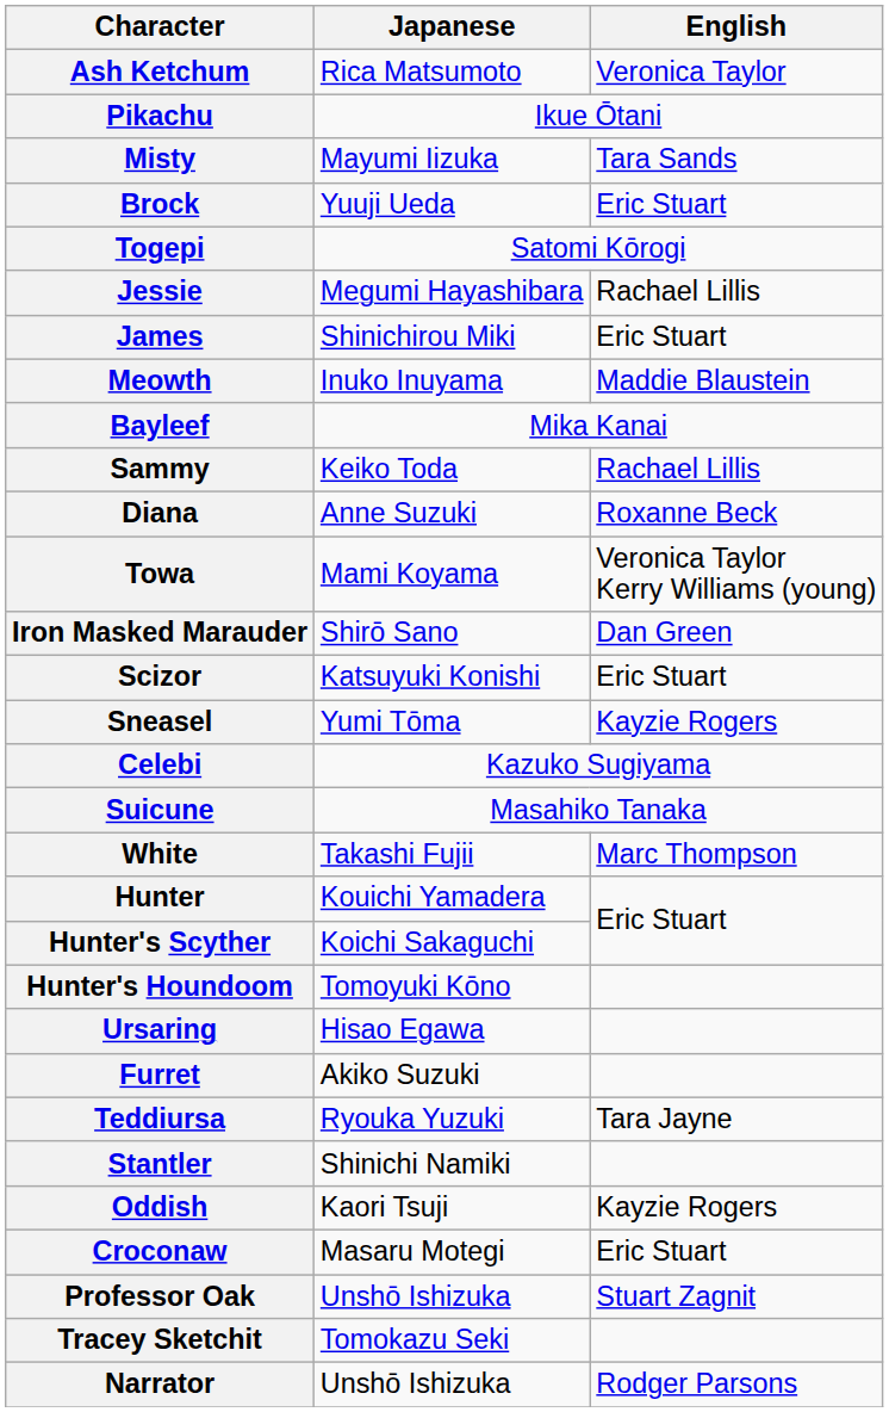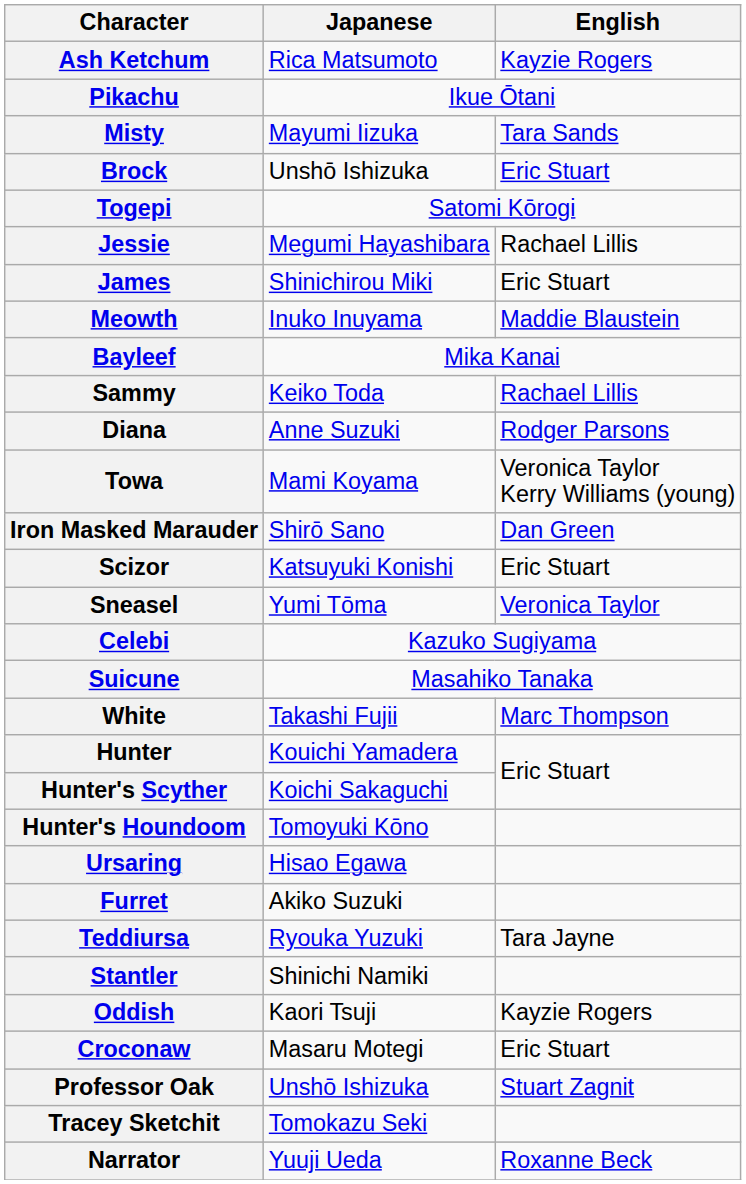 <table class="wikitable">
 <tr>
 <th>Character</th>
 <th>Japanese</th>
 <th>English</th>
 </tr>
 <tr>
 <th><a href='#'>Ash Ketchum</a></th>
 <td><a href='#'>Rica Matsumoto</a></td>
-<td><a href='#'>Veronica Taylor</a></td>
+<td><a href='#'>Kayzie Rogers</a></td>
 </tr>
 <tr>
 <th><a href='#'>Pikachu</a></th>
 <td colspan="3" style="text-align: center"><a href='#'>Ikue Ōtani</a></td>
 </tr>
 <tr>
 <th><a href='#'>Misty</a></th>
 <td><a href='#'>Mayumi Iizuka</a></td>
 <td><a href='#'>Tara Sands</a></td>
 </tr>
 <tr>
 <th><a href='#'>Brock</a></th>
-<td><a href='#'>Yuuji Ueda</a></td>
+<td>Unshō Ishizuka</td>
 <td><a href='#'>Eric Stuart</a></td>
 </tr>
 <tr>
 <th><a href='#'>Togepi</a></th>
 <td colspan="3" style="text-align: center"><a href='#'>Satomi Kōrogi</a></td>
 </tr>
 <tr>
 <th><a href='#'>Jessie</a></th>
 <td><a href='#'>Megumi Hayashibara</a></td>
 <td>Rachael Lillis</td>
 </tr>
 <tr>
 <th><a href='#'>James</a></th>
 <td><a href='#'>Shinichirou Miki</a></td>
 <td>Eric Stuart</td>
 </tr>
 <tr>
 <th><a href='#'>Meowth</a></th>
 <td><a href='#'>Inuko Inuyama</a></td>
 <td><a href='#'>Maddie Blaustein</a></td>
 </tr>
 <tr>
 <th><a href='#'>Bayleef</a></th>
 <td colspan="3" style="text-align: center"><a href='#'>Mika Kanai</a></td>
 </tr>
 <tr>
 <th>Sammy</th>
 <td><a href='#'>Keiko Toda</a></td>
 <td><a href='#'>Rachael Lillis</a></td>
 </tr>
 <tr>
 <th>Diana</th>
 <td><a href='#'>Anne Suzuki</a></td>
-<td><a href='#'>Roxanne Beck</a></td>
+<td><a href='#'>Rodger Parsons</a></td>
 </tr>
 <tr>
 <th>Towa</th>
 <td><a href='#'>Mami Koyama</a></td>
 <td>Veronica Taylor<br>Kerry Williams (young)</td>
 </tr>
 <tr>
 <th>Iron Masked Marauder</th>
 <td><a href='#'>Shirō Sano</a></td>
 <td><a href='#'>Dan Green</a></td>
 </tr>
 <tr>
 <th>Scizor</th>
 <td><a href='#'>Katsuyuki Konishi</a></td>
 <td>Eric Stuart</td>
 </tr>
 <tr>
 <th>Sneasel</th>
 <td><a href='#'>Yumi Tōma</a></td>
-<td><a href='#'>Kayzie Rogers</a></td>
+<td><a href='#'>Veronica Taylor</a></td>
 </tr>
 <tr>
 <th><a href='#'>Celebi</a></th>
 <td colspan="3" style="text-align: center"><a href='#'>Kazuko Sugiyama</a></td>
 </tr>
 <tr>
 <th><a href='#'>Suicune</a></th>
 <td colspan="3" style="text-align: center"><a href='#'>Masahiko Tanaka</a></td>
 </tr>
 <tr>
 <th>White</th>
 <td><a href='#'>Takashi Fujii</a></td>
 <td><a href='#'>Marc Thompson</a></td>
 </tr>
 <tr>
 <th>Hunter</th>
 <td><a href='#'>Kouichi Yamadera</a></td>
 <td rowspan="2">Eric Stuart</td>
 </tr>
 <tr>
 <th>Hunter's <a href='#'>Scyther</a></th>
 <td><a href='#'>Koichi Sakaguchi</a></td>
 </tr>
 <tr>
 <th>Hunter's <a href='#'>Houndoom</a></th>
 <td><a href='#'>Tomoyuki Kōno</a></td>
 <td></td>
 </tr>
 <tr>
 <th><a href='#'>Ursaring</a></th>
 <td><a href='#'>Hisao Egawa</a></td>
 <td></td>
 </tr>
 <tr>
 <th><a href='#'>Furret</a></th>
 <td>Akiko Suzuki</td>
 <td></td>
 </tr>
 <tr>
 <th><a href='#'>Teddiursa</a></th>
 <td><a href='#'>Ryouka Yuzuki</a></td>
 <td>Tara Jayne</td>
 </tr>
 <tr>
 <th><a href='#'>Stantler</a></th>
 <td>Shinichi Namiki</td>
 <td></td>
 </tr>
 <tr>
 <th><a href='#'>Oddish</a></th>
 <td>Kaori Tsuji</td>
 <td>Kayzie Rogers</td>
 </tr>
 <tr>
 <th><a href='#'>Croconaw</a></th>
 <td>Masaru Motegi</td>
 <td>Eric Stuart</td>
 </tr>
 <tr>
 <th>Professor Oak</th>
 <td><a href='#'>Unshō Ishizuka</a></td>
 <td><a href='#'>Stuart Zagnit</a></td>
 </tr>
 <tr>
 <th>Tracey Sketchit</th>
 <td><a href='#'>Tomokazu Seki</a></td>
 <td></td>
 </tr>
 <tr>
 <th>Narrator</th>
-<td>Unshō Ishizuka</td>
-<td><a href='#'>Rodger Parsons</a></td>
+<td><a href='#'>Yuuji Ueda</a></td>
+<td><a href='#'>Roxanne Beck</a></td>
 </tr>
 </table>
